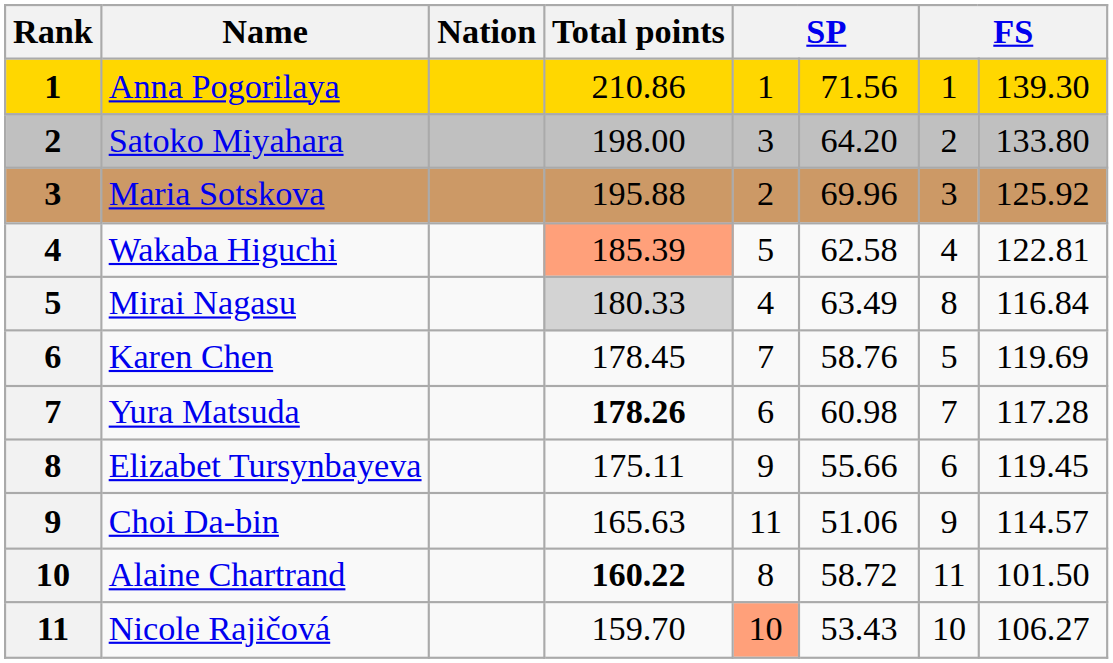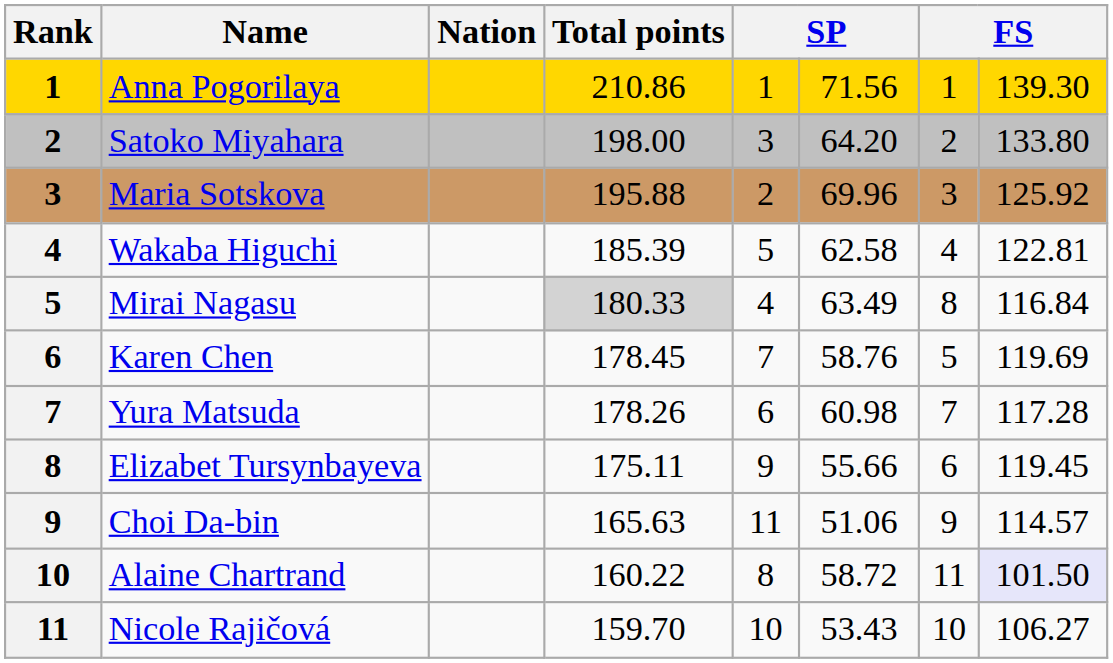 <table class="wikitable sortable">
 <tr>
 <th>Rank</th>
 <th>Name</th>
 <th>Nation</th>
 <th>Total points</th>
 <th colspan="2" width="80px"><a href='#'>SP</a></th>
 <th colspan="2" width="80px"><a href='#'>FS</a></th>
 </tr>
 <tr bgcolor="gold">
 <td align="center"><strong>1</strong></td>
 <td><a href='#'>Anna Pogorilaya</a></td>
 <td></td>
 <td align="center">210.86</td>
 <td align="center">1</td>
 <td align="center">71.56</td>
 <td align="center">1</td>
 <td align="center">139.30</td>
 </tr>
 <tr bgcolor="silver">
 <td align="center"><strong>2</strong></td>
 <td><a href='#'>Satoko Miyahara</a></td>
 <td></td>
 <td align="center">198.00</td>
 <td align="center">3</td>
 <td align="center">64.20</td>
 <td align="center">2</td>
 <td align="center">133.80</td>
 </tr>
 <tr bgcolor="cc9966">
 <td align="center"><strong>3</strong></td>
 <td><a href='#'>Maria Sotskova</a></td>
 <td></td>
 <td align="center">195.88</td>
 <td align="center">2</td>
 <td align="center">69.96</td>
 <td align="center">3</td>
 <td align="center">125.92</td>
 </tr>
 <tr>
 <th>4</th>
 <td><a href='#'>Wakaba Higuchi</a></td>
 <td></td>
-<td align="center" style="background: lightsalmon;">185.39</td>
+<td align="center">185.39</td>
 <td align="center">5</td>
 <td align="center">62.58</td>
 <td align="center">4</td>
 <td align="center">122.81</td>
 </tr>
 <tr>
 <th>5</th>
 <td><a href='#'>Mirai Nagasu</a></td>
 <td></td>
 <td align="center" style="background: lightgrey;">180.33</td>
 <td align="center">4</td>
 <td align="center">63.49</td>
 <td align="center">8</td>
 <td align="center">116.84</td>
 </tr>
 <tr>
 <th>6</th>
 <td><a href='#'>Karen Chen</a></td>
 <td></td>
 <td align="center">178.45</td>
 <td align="center">7</td>
 <td align="center">58.76</td>
 <td align="center">5</td>
 <td align="center">119.69</td>
 </tr>
 <tr>
 <th>7</th>
 <td><a href='#'>Yura Matsuda</a></td>
 <td></td>
-<td align="center"><strong>178.26</strong></td>
+<td align="center">178.26</td>
 <td align="center">6</td>
 <td align="center">60.98</td>
 <td align="center">7</td>
 <td align="center">117.28</td>
 </tr>
 <tr>
 <th>8</th>
 <td><a href='#'>Elizabet Tursynbayeva</a></td>
 <td></td>
 <td align="center">175.11</td>
 <td align="center">9</td>
 <td align="center">55.66</td>
 <td align="center">6</td>
 <td align="center">119.45</td>
 </tr>
 <tr>
 <th>9</th>
 <td><a href='#'>Choi Da-bin</a></td>
 <td></td>
 <td align="center">165.63</td>
 <td align="center">11</td>
 <td align="center">51.06</td>
 <td align="center">9</td>
 <td align="center">114.57</td>
 </tr>
 <tr>
 <th>10</th>
 <td><a href='#'>Alaine Chartrand</a></td>
 <td></td>
-<td align="center"><strong>160.22</strong></td>
+<td align="center">160.22</td>
 <td align="center">8</td>
 <td align="center">58.72</td>
 <td align="center">11</td>
-<td align="center">101.50</td>
+<td align="center" style="background: lavender;">101.50</td>
 </tr>
 <tr>
 <th>11</th>
 <td><a href='#'>Nicole Rajičová</a></td>
 <td></td>
 <td align="center">159.70</td>
-<td align="center" style="background: lightsalmon;">10</td>
+<td align="center">10</td>
 <td align="center">53.43</td>
 <td align="center">10</td>
 <td align="center">106.27</td>
 </tr>
 </table>
